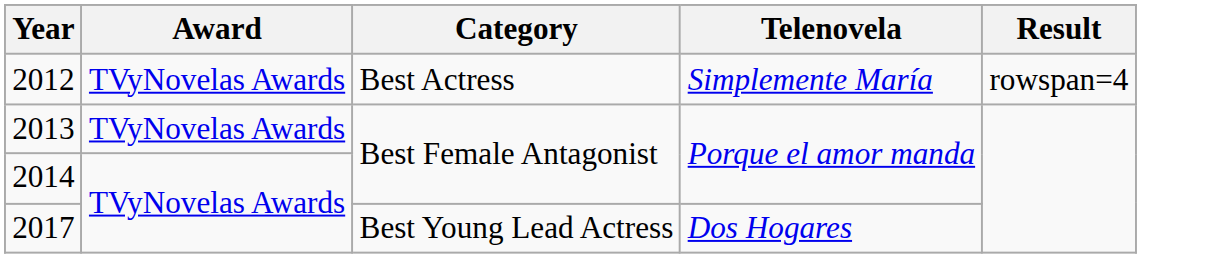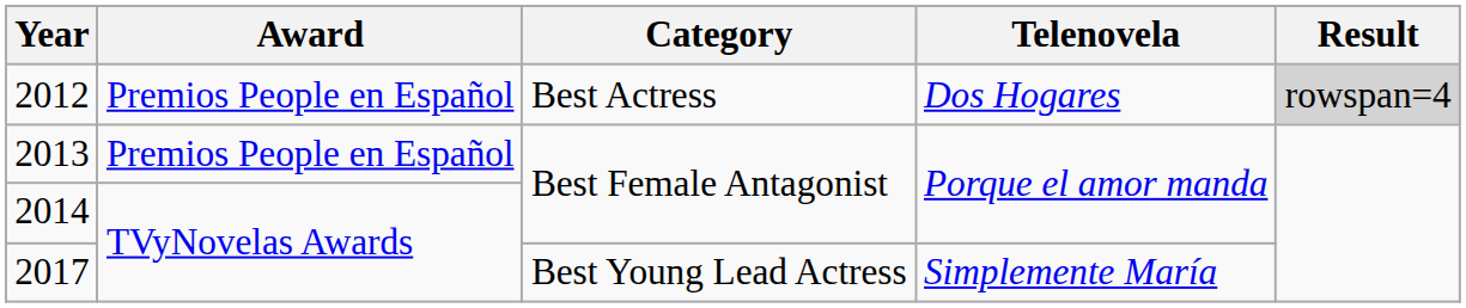 <table class="wikitable">
 <tr>
 <th>Year</th>
 <th>Award</th>
 <th>Category</th>
 <th>Telenovela</th>
 <th>Result</th>
 </tr>
 <tr>
 <td>2012</td>
-<td><a href='#'>TVyNovelas Awards</a></td>
+<td><a href='#'>Premios People en Español</a></td>
 <td>Best Actress</td>
-<td><em><a href='#'>Simplemente María</a></em></td>
-<td>rowspan=4 </td>
+<td><em><a href='#'>Dos Hogares</a></em></td>
+<td style="background: lightgrey;">rowspan=4 </td>
 </tr>
 <tr>
 <td>2013</td>
-<td><a href='#'>TVyNovelas Awards</a></td>
+<td><a href='#'>Premios People en Español</a></td>
 <td rowspan=2>Best Female Antagonist</td>
 <td rowspan=2><em><a href='#'>Porque el amor manda</a></em></td>
 </tr>
 <tr>
 <td>2014</td>
 <td rowspan=2><a href='#'>TVyNovelas Awards</a></td>
 </tr>
 <tr>
 <td>2017</td>
 <td>Best Young Lead Actress</td>
-<td><em><a href='#'>Dos Hogares</a></em></td>
+<td><em><a href='#'>Simplemente María</a></em></td>
 </tr>
 </table>
